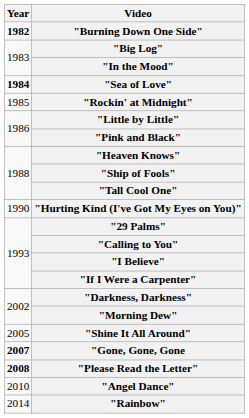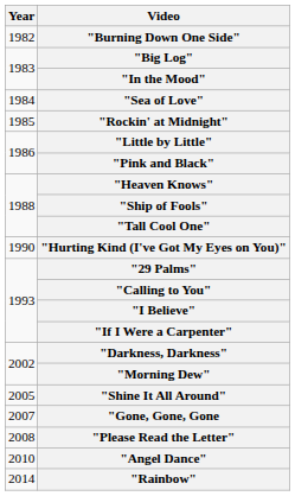 <table class="wikitable plainrowheaders">
 <tr>
 <th scope="col">Year</th>
 <th scope="col">Video</th>
 </tr>
 <tr>
-<td><strong>1982</strong></td>
+<td>1982</td>
 <th scope="row">"Burning Down One Side"</th>
 </tr>
 <tr>
 <td rowspan="2">1983</td>
 <th scope="row">"Big Log"</th>
 </tr>
 <tr>
 <th scope="row">"In the Mood"</th>
 </tr>
 <tr>
-<td><strong>1984</strong></td>
+<td>1984</td>
 <th scope="row">"Sea of Love"</th>
 </tr>
 <tr>
 <td>1985</td>
 <th scope="row">"Rockin' at Midnight"</th>
 </tr>
 <tr>
 <td rowspan="2">1986</td>
 <th scope="row">"Little by Little"</th>
 </tr>
 <tr>
 <th scope="row">"Pink and Black"</th>
 </tr>
 <tr>
 <td rowspan="3">1988</td>
 <th scope="row">"Heaven Knows"</th>
 </tr>
 <tr>
 <th scope="row">"Ship of Fools"</th>
 </tr>
 <tr>
 <th scope="row">"Tall Cool One"</th>
 </tr>
 <tr>
 <td>1990</td>
 <th scope="row">"Hurting Kind (I've Got My Eyes on You)"</th>
 </tr>
 <tr>
 <td rowspan="4">1993</td>
 <th scope="row">"29 Palms"</th>
 </tr>
 <tr>
 <th scope="row">"Calling to You"</th>
 </tr>
 <tr>
 <th scope="row">"I Believe"</th>
 </tr>
 <tr>
 <th scope="row">"If I Were a Carpenter"</th>
 </tr>
 <tr>
 <td rowspan="2">2002</td>
 <th scope="row">"Darkness, Darkness"</th>
 </tr>
 <tr>
 <th scope="row">"Morning Dew"</th>
 </tr>
 <tr>
 <td>2005</td>
 <th scope="row">"Shine It All Around"</th>
 </tr>
 <tr>
-<td><strong>2007</strong></td>
+<td>2007</td>
 <th scope="row">"Gone, Gone, Gone</th>
 </tr>
 <tr>
-<td><strong>2008</strong></td>
+<td>2008</td>
 <th scope="row">"Please Read the Letter"</th>
 </tr>
 <tr>
 <td>2010</td>
 <th scope="row">"Angel Dance"</th>
 </tr>
 <tr>
 <td>2014</td>
 <th scope="row">"Rainbow"</th>
 </tr>
 </table>
